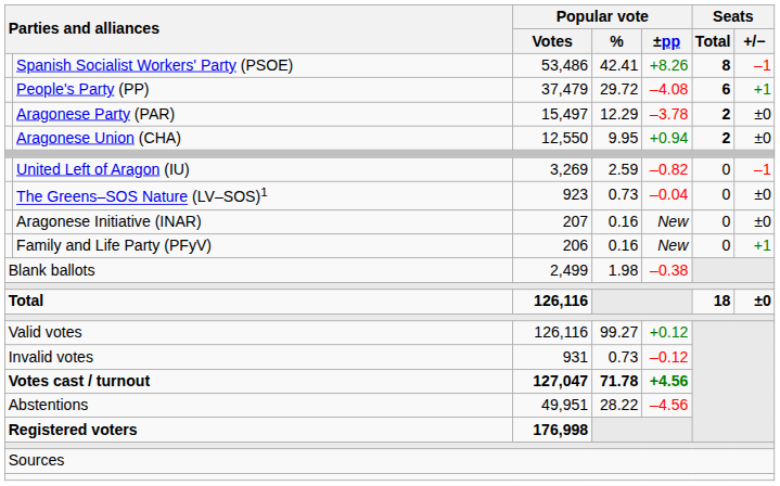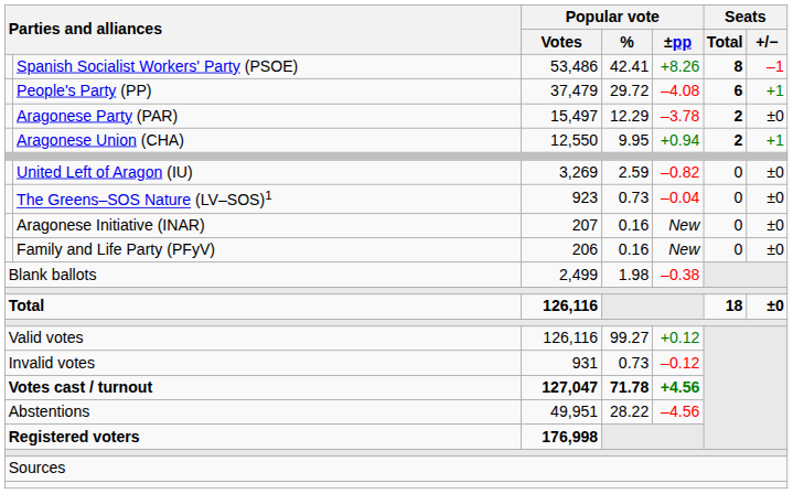 <table class="wikitable" style="text-align:right;">
 <tr>
 <th style="text-align:left;" rowspan="2" colspan="2" width="525">Parties and alliances</th>
 <th colspan="3">Popular vote</th>
 <th colspan="2">Seats</th>
 </tr>
 <tr>
 <th width="75">Votes</th>
 <th width="45">%</th>
 <th width="45">±<a href='#'>pp</a></th>
 <th width="35">Total</th>
 <th width="35">+/−</th>
 </tr>
 <tr>
 <td width="1" style="color:inherit;background:"></td>
 <td align="left"><a href='#'>Spanish Socialist Workers' Party</a> (PSOE)</td>
 <td>53,486</td>
 <td>42.41</td>
 <td style="color:green;">+8.26</td>
 <td><strong>8</strong></td>
 <td style="color:red;">–1</td>
 </tr>
 <tr>
 <td style="color:inherit;background:"></td>
 <td align="left"><a href='#'>People's Party</a> (PP)</td>
 <td>37,479</td>
 <td>29.72</td>
 <td style="color:red;">–4.08</td>
 <td><strong>6</strong></td>
 <td style="color:green;">+1</td>
 </tr>
 <tr>
 <td style="color:inherit;background:"></td>
 <td align="left"><a href='#'>Aragonese Party</a> (PAR)</td>
 <td>15,497</td>
 <td>12.29</td>
 <td style="color:red;">–3.78</td>
 <td><strong>2</strong></td>
 <td>±0</td>
 </tr>
 <tr>
 <td style="color:inherit;background:"></td>
 <td align="left"><a href='#'>Aragonese Union</a> (CHA)</td>
 <td>12,550</td>
 <td>9.95</td>
 <td style="color:green;">+0.94</td>
 <td><strong>2</strong></td>
-<td>±0</td>
+<td style="color:green;">+1</td>
 </tr>
 <tr>
 <td colspan="7" bgcolor="#C0C0C0"></td>
 </tr>
 <tr>
 <td style="color:inherit;background:"></td>
 <td align="left"><a href='#'>United Left of Aragon</a> (IU)</td>
 <td>3,269</td>
 <td>2.59</td>
 <td style="color:red;">–0.82</td>
 <td>0</td>
-<td style="color:red;">–1</td>
+<td>±0</td>
 </tr>
 <tr>
 <td style="color:inherit;background:"></td>
 <td align="left"><a href='#'>The Greens–SOS Nature</a> (LV–SOS)<sup>1</sup></td>
 <td>923</td>
 <td>0.73</td>
 <td style="color:red;">–0.04</td>
 <td>0</td>
 <td>±0</td>
 </tr>
 <tr>
 <td style="color:inherit;background:"></td>
 <td align="left">Aragonese Initiative (INAR)</td>
 <td>207</td>
 <td>0.16</td>
 <td><em>New</em></td>
 <td>0</td>
 <td>±0</td>
 </tr>
 <tr>
 <td style="color:inherit;background:"></td>
 <td align="left">Family and Life Party (PFyV)</td>
 <td>206</td>
 <td>0.16</td>
 <td><em>New</em></td>
 <td>0</td>
-<td style="color:green;">+1</td>
+<td>±0</td>
 </tr>
 <tr>
 <td align="left" colspan="2">Blank ballots</td>
 <td>2,499</td>
 <td>1.98</td>
 <td style="color:red;">–0.38</td>
 <td bgcolor="#E9E9E9" colspan="2"></td>
 </tr>
 <tr>
 <td colspan="7" bgcolor="#E9E9E9"></td>
 </tr>
 <tr style="font-weight:bold;">
 <td align="left" colspan="2">Total</td>
 <td>126,116</td>
 <td bgcolor="#E9E9E9" colspan="2"></td>
 <td>18</td>
 <td>±0</td>
 </tr>
 <tr>
 <td colspan="7" bgcolor="#E9E9E9"></td>
 </tr>
 <tr>
 <td align="left" colspan="2">Valid votes</td>
 <td>126,116</td>
 <td>99.27</td>
 <td style="color:green;">+0.12</td>
 <td bgcolor="#E9E9E9" colspan="2" rowspan="5"></td>
 </tr>
 <tr>
 <td align="left" colspan="2">Invalid votes</td>
 <td>931</td>
 <td>0.73</td>
 <td style="color:red;">–0.12</td>
 </tr>
 <tr style="font-weight:bold;">
 <td align="left" colspan="2">Votes cast / turnout</td>
 <td>127,047</td>
 <td>71.78</td>
 <td style="color:green;">+4.56</td>
 </tr>
 <tr>
 <td align="left" colspan="2">Abstentions</td>
 <td>49,951</td>
 <td>28.22</td>
 <td style="color:red;">–4.56</td>
 </tr>
 <tr style="font-weight:bold;">
 <td align="left" colspan="2">Registered voters</td>
 <td>176,998</td>
 <td bgcolor="#E9E9E9" colspan="2"></td>
 </tr>
 <tr>
 <td colspan="7" bgcolor="#E9E9E9"></td>
 </tr>
 <tr>
 <td align="left" colspan="7">Sources</td>
 </tr>
 <tr>
 <td colspan="7" style="text-align:left; max-width:790px;"></td>
 </tr>
 </table>
